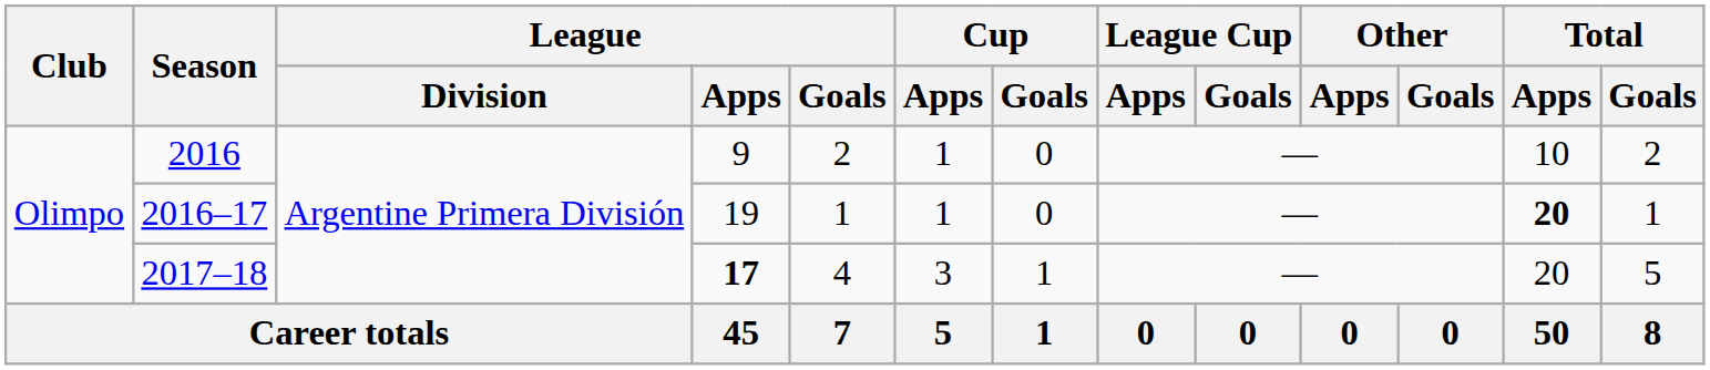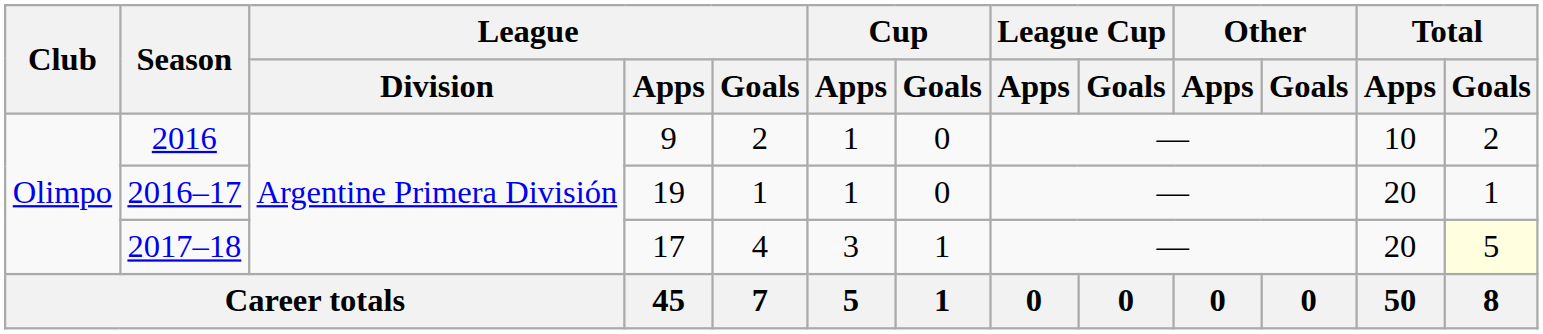 <table class="wikitable" style="font-size:90%; text-align: center">
 <tr>
 <th rowspan=2>Club</th>
 <th rowspan=2>Season</th>
 <th colspan=3>League</th>
 <th colspan=2>Cup</th>
 <th colspan=2>League Cup</th>
 <th colspan=2>Other</th>
 <th colspan=2>Total</th>
 </tr>
 <tr>
 <th>Division</th>
 <th>Apps</th>
 <th>Goals</th>
 <th>Apps</th>
 <th>Goals</th>
 <th>Apps</th>
 <th>Goals</th>
 <th>Apps</th>
 <th>Goals</th>
 <th>Apps</th>
 <th>Goals</th>
 </tr>
 <tr>
 <td rowspan=3><a href='#'>Olimpo</a></td>
 <td><a href='#'>2016</a></td>
 <td rowspan=3><a href='#'>Argentine Primera División</a></td>
 <td>9</td>
 <td>2</td>
 <td>1</td>
 <td>0</td>
 <td colspan=4>—</td>
 <td>10</td>
 <td>2</td>
 </tr>
 <tr>
 <td><a href='#'>2016–17</a></td>
 <td>19</td>
 <td>1</td>
 <td>1</td>
 <td>0</td>
 <td colspan=4>—</td>
-<td><strong>20</strong></td>
+<td>20</td>
 <td>1</td>
 </tr>
 <tr>
 <td><a href='#'>2017–18</a></td>
-<td><strong>17</strong></td>
+<td>17</td>
 <td>4</td>
 <td>3</td>
 <td>1</td>
 <td colspan=4>—</td>
 <td>20</td>
-<td>5</td>
+<td style="background: lightyellow;">5</td>
 </tr>
 <tr>
 <th colspan=3>Career totals</th>
 <th>45</th>
 <th>7</th>
 <th>5</th>
 <th>1</th>
 <th>0</th>
 <th>0</th>
 <th>0</th>
 <th>0</th>
 <th>50</th>
 <th>8</th>
 </tr>
 </table>
